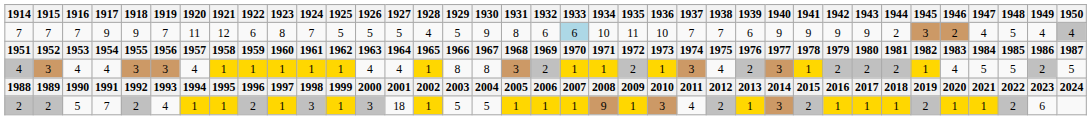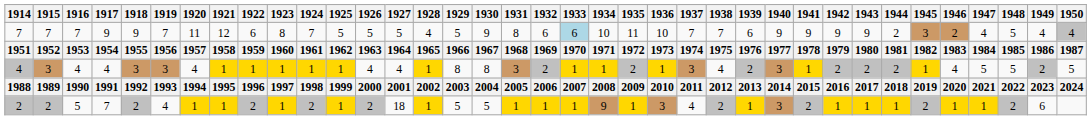 <table class="wikitable" style="margin:0.5em ; font-size:70%">
 <tr>
 <th>1914</th>
 <th>1915</th>
 <th>1916</th>
 <th>1917</th>
 <th>1918</th>
 <th>1919</th>
 <th>1920</th>
 <th>1921</th>
 <th>1922</th>
 <th>1923</th>
 <th>1924</th>
 <th>1925</th>
 <th>1926</th>
 <th>1927</th>
 <th>1928</th>
 <th>1929</th>
 <th>1930</th>
 <th>1931</th>
 <th>1932</th>
 <th>1933</th>
 <th>1934</th>
 <th>1935</th>
 <th>1936</th>
 <th>1937</th>
 <th>1938</th>
 <th>1939</th>
 <th>1940</th>
 <th>1941</th>
 <th>1942</th>
 <th>1943</th>
 <th>1944</th>
 <th>1945</th>
 <th>1946</th>
 <th>1947</th>
 <th>1948</th>
 <th>1949</th>
 <th>1950</th>
 </tr>
 <tr>
 <td align=center>7</td>
 <td align=center>7</td>
 <td align=center>7</td>
 <td align=center>9</td>
 <td align=center>9</td>
 <td align=center>7</td>
 <td align=center>11</td>
 <td align=center>12</td>
 <td align=center>6</td>
 <td align=center>8</td>
 <td align=center>7</td>
 <td align=center>5</td>
 <td align=center>5</td>
 <td align=center>5</td>
 <td align=center>4</td>
 <td align=center>5</td>
 <td align=center>9</td>
 <td align=center>8</td>
 <td align=center>6</td>
 <td align=center style="background: lightblue;">6</td>
 <td align=center>10</td>
 <td align=center>11</td>
 <td align=center>10</td>
 <td align=center>7</td>
 <td align=center>7</td>
 <td align=center>6</td>
 <td align=center>9</td>
 <td align=center>9</td>
 <td align=center>9</td>
 <td align=center>9</td>
 <td align=center>2</td>
 <td align=center style="background:#c96;">3</td>
 <td align=center style="background:#c96;">2</td>
 <td align=center>4</td>
 <td align=center>5</td>
 <td align=center>4</td>
 <td align=center style="background:silver;">4</td>
 </tr>
 <tr>
 <th>1951</th>
 <th>1952</th>
 <th>1953</th>
 <th>1954</th>
 <th>1955</th>
 <th>1956</th>
 <th>1957</th>
 <th>1958</th>
 <th>1959</th>
 <th>1960</th>
 <th>1961</th>
 <th>1962</th>
 <th>1963</th>
 <th>1964</th>
 <th>1965</th>
 <th>1966</th>
 <th>1967</th>
 <th>1968</th>
 <th>1969</th>
 <th>1970</th>
 <th>1971</th>
 <th>1972</th>
 <th>1973</th>
 <th>1974</th>
 <th>1975</th>
 <th>1976</th>
 <th>1977</th>
 <th>1978</th>
 <th>1979</th>
 <th>1980</th>
 <th>1981</th>
 <th>1982</th>
 <th>1983</th>
 <th>1984</th>
 <th>1985</th>
 <th>1986</th>
 <th>1987</th>
 </tr>
 <tr>
 <td align=center style="background:silver;">4</td>
 <td align=center style="background:#c96;">3</td>
 <td align=center>4</td>
 <td align=center>4</td>
 <td align=center style="background:#c96;">3</td>
 <td align=center style="background:#c96;">3</td>
 <td align=center>4</td>
 <td align=center style="background:gold;">1</td>
 <td align=center style="background:gold;">1</td>
 <td align=center style="background:gold;">1</td>
 <td align=center style="background:gold;">1</td>
 <td align=center style="background:gold;">1</td>
 <td align=center>4</td>
 <td align=center>4</td>
 <td align=center style="background:gold;">1</td>
 <td align=center>8</td>
 <td align=center>8</td>
 <td align=center style="background:#c96;">3</td>
 <td align=center style="background:silver;">2</td>
 <td align=center style="background:gold;">1</td>
 <td align=center style="background:gold;">1</td>
 <td align=center style="background:silver;">2</td>
 <td align=center style="background:gold;">1</td>
 <td align=center style="background:#c96;">3</td>
 <td align=center>4</td>
 <td align=center style="background:silver;">2</td>
 <td align=center style="background:#c96;">3</td>
 <td align=center style="background:gold;">1</td>
 <td align=center style="background:silver;">2</td>
 <td align=center style="background:silver;">2</td>
 <td align=center style="background:silver;">2</td>
 <td align=center style="background:gold;">1</td>
 <td align=center>4</td>
 <td align=center>5</td>
 <td align=center>5</td>
 <td align=center style="background:silver;">2</td>
 <td align=center>5</td>
 </tr>
 <tr>
 <th>1988</th>
 <th>1989</th>
 <th>1990</th>
 <th>1991</th>
 <th>1992</th>
 <th>1993</th>
 <th>1994</th>
 <th>1995</th>
 <th>1996</th>
 <th>1997</th>
 <th>1998</th>
 <th>1999</th>
 <th>2000</th>
 <th>2001</th>
 <th>2002</th>
 <th>2003</th>
 <th>2004</th>
 <th>2005</th>
 <th>2006</th>
 <th>2007</th>
 <th>2008</th>
 <th>2009</th>
 <th>2010</th>
 <th>2011</th>
 <th>2012</th>
 <th>2013</th>
 <th>2014</th>
 <th>2015</th>
 <th>2016</th>
 <th>2017</th>
 <th>2018</th>
 <th>2019</th>
 <th>2020</th>
 <th>2021</th>
 <th>2022</th>
 <th>2023</th>
 <th>2024</th>
 </tr>
 <tr>
 <td align=center style="background:silver;">2</td>
 <td align=center style="background:silver;">2</td>
 <td align=center>5</td>
 <td align=center>7</td>
 <td align=center style="background:silver;">2</td>
 <td align=center>4</td>
 <td align=center style="background:gold;">1</td>
 <td align=center style="background:gold;">1</td>
 <td align=center style="background:silver;">2</td>
 <td align=center style="background:gold;">1</td>
-<td align=center style="background:silver;">3</td>
+<td align=center style="background:silver;">2</td>
 <td align=center style="background:gold;">1</td>
-<td align=center style="background:silver;">3</td>
+<td align=center style="background:silver;">2</td>
 <td align=center>18</td>
 <td align=center style="background:gold;">1</td>
 <td align=center>5</td>
 <td align=center>5</td>
 <td align=center style="background:gold;">1</td>
 <td align=center style="background:gold;">1</td>
 <td align=center style="background:gold;">1</td>
 <td align=center style="background:#c96;">9</td>
 <td align=center style="background:gold;">1</td>
 <td align=center style="background:#c96;">3</td>
 <td align=center>4</td>
 <td align=center style="background:silver;">2</td>
 <td align=center style="background:gold;">1</td>
 <td align=center style="background:#c96;">3</td>
 <td align=center style="background:silver;">2</td>
 <td align=center style="background:gold;">1</td>
 <td align=center style="background:gold;">1</td>
 <td align=center style="background:gold;">1</td>
 <td align=center style="background:silver;">2</td>
 <td align=center style="background:gold;">1</td>
 <td align=center style="background:gold;">1</td>
 <td align=center style="background:silver;">2</td>
 <td align=center>6</td>
 </tr>
 </table>
